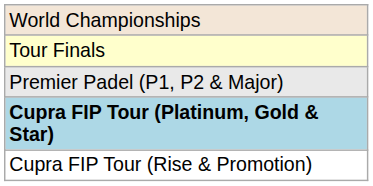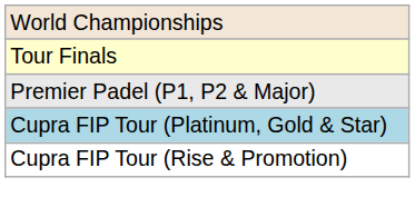 <table class=wikitable style=font-size:85%;width:20%>
 <tr bgcolor=#F3E6D7>
 <td>World Championships</td>
 </tr>
 <tr bgcolor=#ffffcc>
 <td>Tour Finals</td>
 </tr>
 <tr bgcolor=#E9E9E9>
 <td>Premier Padel (P1, P2 & Major)</td>
 </tr>
 <tr bgcolor=#ADD8E6>
-<td><strong>Cupra FIP Tour (Platinum, Gold & Star)</strong></td>
+<td>Cupra FIP Tour (Platinum, Gold & Star)</td>
 </tr>
 <tr bgcolor=#ffffff>
 <td>Cupra FIP Tour (Rise & Promotion)</td>
 </tr>
 </table>
